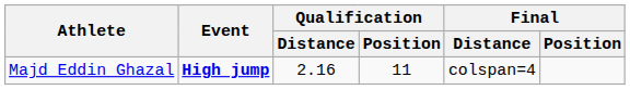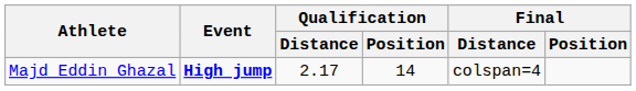 <table class="wikitable">
 <tr>
 <th rowspan="2">Athlete</th>
 <th rowspan="2">Event</th>
 <th colspan="2">Qualification</th>
 <th colspan="2">Final</th>
 </tr>
 <tr>
 <th>Distance</th>
 <th>Position</th>
 <th>Distance</th>
 <th>Position</th>
 </tr>
 <tr style=text-align:center>
 <td style=text-align:left><a href='#'>Majd Eddin Ghazal</a></td>
 <td style=text-align:left><strong><a href='#'>High jump</a></strong></td>
-<td>2.16</td>
-<td>11</td>
+<td>2.17</td>
+<td>14</td>
 <td>colspan=4 </td>
 </tr>
 </table>
